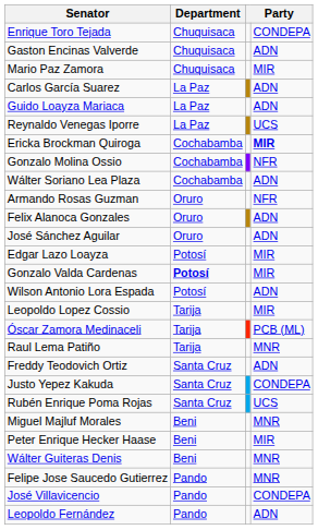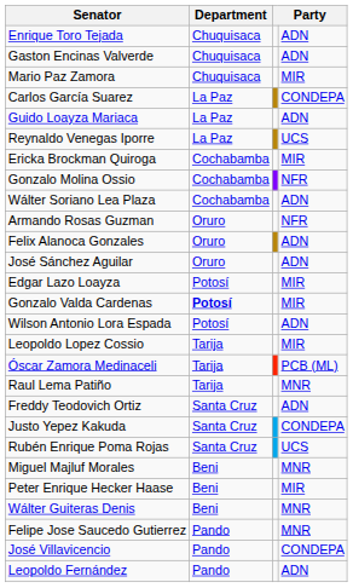 <table class="wikitable sortable">
 <tr>
 <th>Senator</th>
 <th>Department</th>
 <th colspan="2">Party</th>
 </tr>
 <tr>
 <td><a href='#'>Enrique Toro Tejada</a></td>
 <td><a href='#'>Chuquisaca</a></td>
 <td style="background:"></td>
-<td><a href='#'>CONDEPA</a></td>
+<td><a href='#'>ADN</a></td>
 </tr>
 <tr>
 <td>Gaston Encinas Valverde</td>
 <td><a href='#'>Chuquisaca</a></td>
 <td style="background:"></td>
 <td><a href='#'>ADN</a></td>
 </tr>
 <tr>
 <td>Mario Paz Zamora</td>
 <td><a href='#'>Chuquisaca</a></td>
 <td style="background:"></td>
 <td><a href='#'>MIR</a></td>
 </tr>
 <tr>
 <td>Carlos García Suarez</td>
 <td><a href='#'>La Paz</a></td>
 <td style="background:#B8860B"></td>
-<td><a href='#'>ADN</a></td>
+<td><a href='#'>CONDEPA</a></td>
 </tr>
 <tr>
 <td><a href='#'>Guido Loayza Mariaca</a></td>
 <td><a href='#'>La Paz</a></td>
 <td style="background:"></td>
 <td><a href='#'>ADN</a></td>
 </tr>
 <tr>
 <td>Reynaldo Venegas Iporre</td>
 <td><a href='#'>La Paz</a></td>
 <td style="background:#B8860B"></td>
 <td><a href='#'>UCS</a></td>
 </tr>
 <tr>
 <td>Ericka Brockman Quiroga</td>
 <td><a href='#'>Cochabamba</a></td>
 <td style="background:"></td>
-<td><strong><a href='#'>MIR</a></strong></td>
+<td><a href='#'>MIR</a></td>
 </tr>
 <tr>
 <td>Gonzalo Molina Ossio</td>
 <td><a href='#'>Cochabamba</a></td>
 <td style="background:#8000FF"></td>
 <td><a href='#'>NFR</a></td>
 </tr>
 <tr>
 <td>Wálter Soriano Lea Plaza</td>
 <td><a href='#'>Cochabamba</a></td>
 <td style="background:"></td>
 <td><a href='#'>ADN</a></td>
 </tr>
 <tr>
 <td>Armando Rosas Guzman</td>
 <td><a href='#'>Oruro</a></td>
 <td style="background:"></td>
 <td><a href='#'>NFR</a></td>
 </tr>
 <tr>
 <td>Felix Alanoca Gonzales</td>
 <td><a href='#'>Oruro</a></td>
 <td style="background:#B8860B"></td>
 <td><a href='#'>ADN</a></td>
 </tr>
 <tr>
 <td>José Sánchez Aguilar</td>
 <td><a href='#'>Oruro</a></td>
 <td style="background:"></td>
 <td><a href='#'>ADN</a></td>
 </tr>
 <tr>
 <td>Edgar Lazo Loayza</td>
 <td><a href='#'>Potosí</a></td>
 <td style="background:"></td>
 <td><a href='#'>MIR</a></td>
 </tr>
 <tr>
 <td>Gonzalo Valda Cardenas</td>
 <td><strong><a href='#'>Potosí</a></strong></td>
 <td style="background:"></td>
 <td><a href='#'>MIR</a></td>
 </tr>
 <tr>
 <td>Wilson Antonio Lora Espada</td>
 <td><a href='#'>Potosí</a></td>
 <td style="background:"></td>
 <td><a href='#'>ADN</a></td>
 </tr>
 <tr>
 <td>Leopoldo Lopez Cossio</td>
 <td><a href='#'>Tarija</a></td>
 <td style="background:"></td>
 <td><a href='#'>MIR</a></td>
 </tr>
 <tr>
 <td><a href='#'>Óscar Zamora Medinaceli</a></td>
 <td><a href='#'>Tarija</a></td>
 <td style="background:#FF2400"></td>
 <td><a href='#'>PCB (ML)</a></td>
 </tr>
 <tr>
 <td>Raul Lema Patiño</td>
 <td><a href='#'>Tarija</a></td>
 <td style="background:"></td>
 <td><a href='#'>MNR</a></td>
 </tr>
 <tr>
 <td>Freddy Teodovich Ortiz</td>
 <td><a href='#'>Santa Cruz</a></td>
 <td style="background:"></td>
 <td><a href='#'>ADN</a></td>
 </tr>
 <tr>
 <td>Justo Yepez Kakuda</td>
 <td><a href='#'>Santa Cruz</a></td>
 <td style="background:#00A8EC"></td>
 <td><a href='#'>CONDEPA</a></td>
 </tr>
 <tr>
 <td>Rubén Enrique Poma Rojas</td>
 <td><a href='#'>Santa Cruz</a></td>
 <td style="background:#00A8EC"></td>
 <td><a href='#'>UCS</a></td>
 </tr>
 <tr>
 <td>Miguel Majluf Morales</td>
 <td><a href='#'>Beni</a></td>
 <td style="background:"></td>
 <td><a href='#'>MNR</a></td>
 </tr>
 <tr>
 <td>Peter Enrique Hecker Haase</td>
 <td><a href='#'>Beni</a></td>
 <td style="background:"></td>
 <td><a href='#'>MIR</a></td>
 </tr>
 <tr>
 <td><a href='#'>Wálter Guiteras Denis</a></td>
 <td><a href='#'>Beni</a></td>
 <td style="background:"></td>
 <td><a href='#'>MNR</a></td>
 </tr>
 <tr>
 <td>Felipe Jose Saucedo Gutierrez</td>
 <td><a href='#'>Pando</a></td>
 <td style="background:"></td>
 <td><a href='#'>MNR</a></td>
 </tr>
 <tr>
 <td><a href='#'>José Villavicencio</a></td>
 <td><a href='#'>Pando</a></td>
 <td style="background:"></td>
 <td><a href='#'>CONDEPA</a></td>
 </tr>
 <tr>
 <td><a href='#'>Leopoldo Fernández</a></td>
 <td><a href='#'>Pando</a></td>
 <td style="background:"></td>
 <td><a href='#'>ADN</a></td>
 </tr>
 </table>
